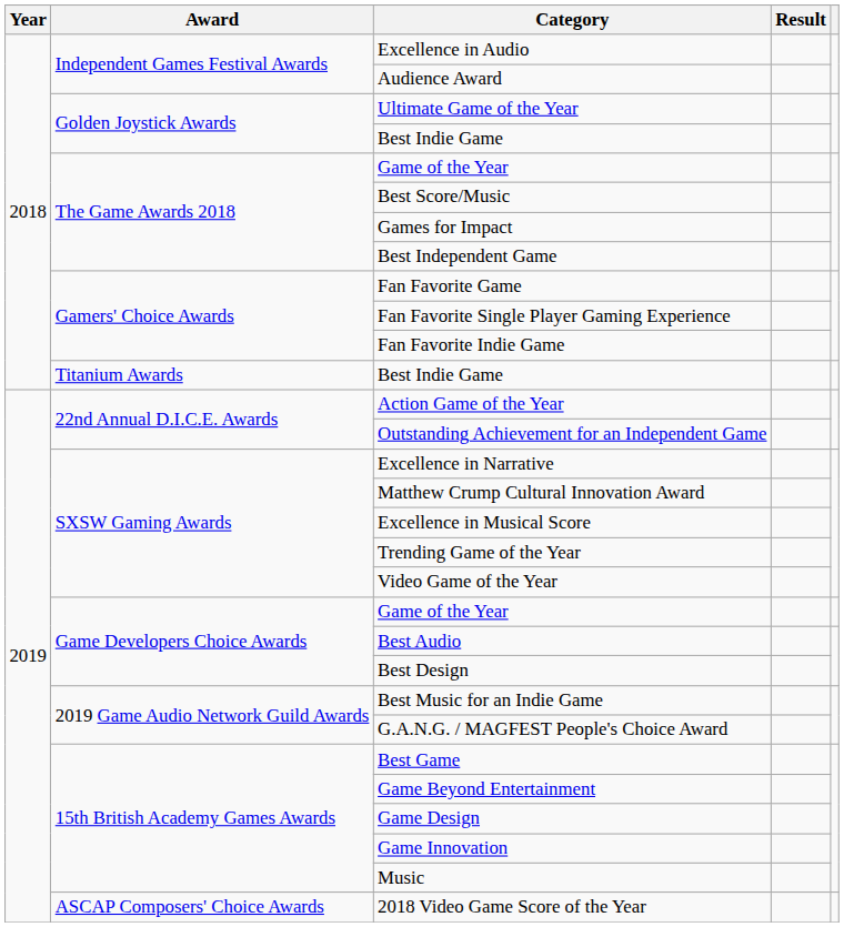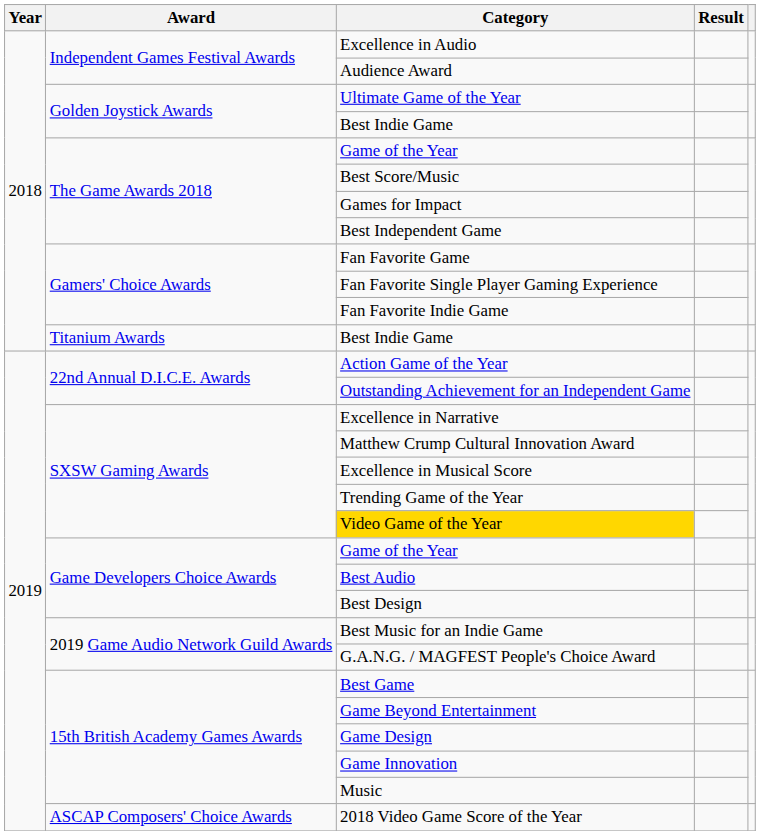 <table class="wikitable sortable mw-collapsible">
 <tr>
 <th scope="col">Year</th>
 <th scope="col">Award</th>
 <th scope="col">Category</th>
 <th scope="col">Result</th>
 <th scope="col" class="unsortable"></th>
 </tr>
 <tr>
 <td rowspan="12" style="text-align:center;">2018</td>
 <td rowspan="2"><a href='#'>Independent Games Festival Awards</a></td>
 <td>Excellence in Audio</td>
 <td></td>
 <td rowspan="2" style="text-align:center;"></td>
 </tr>
 <tr>
 <td>Audience Award</td>
 <td></td>
 </tr>
 <tr>
 <td rowspan="2"><a href='#'>Golden Joystick Awards</a></td>
 <td><a href='#'>Ultimate Game of the Year</a></td>
 <td></td>
 <td rowspan="2" style="text-align:center;"></td>
 </tr>
 <tr>
 <td>Best Indie Game</td>
 <td></td>
 </tr>
 <tr>
 <td rowspan="4"><a href='#'>The Game Awards 2018</a></td>
 <td><a href='#'>Game of the Year</a></td>
 <td></td>
 <td rowspan="4" style="text-align:center;"></td>
 </tr>
 <tr>
 <td>Best Score/Music</td>
 <td></td>
 </tr>
 <tr>
 <td>Games for Impact</td>
 <td></td>
 </tr>
 <tr>
 <td>Best Independent Game</td>
 <td></td>
 </tr>
 <tr>
 <td rowspan="3"><a href='#'>Gamers' Choice Awards</a></td>
 <td>Fan Favorite Game</td>
 <td></td>
 <td rowspan="3" style="text-align:center;"></td>
 </tr>
 <tr>
 <td>Fan Favorite Single Player Gaming Experience</td>
 <td></td>
 </tr>
 <tr>
 <td>Fan Favorite Indie Game</td>
 <td></td>
 </tr>
 <tr>
 <td><a href='#'>Titanium Awards</a></td>
 <td>Best Indie Game</td>
 <td></td>
 <td style="text-align:center;"></td>
 </tr>
 <tr>
 <td rowspan="18">2019</td>
 <td rowspan="2"><a href='#'>22nd Annual D.I.C.E. Awards</a></td>
 <td><a href='#'>Action Game of the Year</a></td>
 <td></td>
 <td rowspan="2" style="text-align:center;"></td>
 </tr>
 <tr>
 <td><a href='#'>Outstanding Achievement for an Independent Game</a></td>
 <td></td>
 </tr>
 <tr>
 <td rowspan="5"><a href='#'>SXSW Gaming Awards</a></td>
 <td>Excellence in Narrative</td>
 <td></td>
 <td rowspan="5" style="text-align:center;"></td>
 </tr>
 <tr>
 <td>Matthew Crump Cultural Innovation Award</td>
 <td></td>
 </tr>
 <tr>
 <td>Excellence in Musical Score</td>
 <td></td>
 </tr>
 <tr>
 <td>Trending Game of the Year</td>
 <td></td>
 </tr>
 <tr>
-<td>Video Game of the Year</td>
+<td style="background: gold;">Video Game of the Year</td>
 <td></td>
 </tr>
 <tr>
 <td rowspan="3"><a href='#'>Game Developers Choice Awards</a></td>
 <td><a href='#'>Game of the Year</a></td>
 <td></td>
 <td style="text-align:center;"></td>
 </tr>
 <tr>
 <td><a href='#'>Best Audio</a></td>
 <td></td>
 <td rowspan="2" style="text-align:center;"></td>
 </tr>
 <tr>
 <td>Best Design</td>
 <td></td>
 </tr>
 <tr>
 <td rowspan="2">2019 <a href='#'>Game Audio Network Guild Awards</a></td>
 <td>Best Music for an Indie Game</td>
 <td></td>
 <td rowspan="2" style="text-align:center;"></td>
 </tr>
 <tr>
 <td>G.A.N.G. / MAGFEST People's Choice Award</td>
 <td></td>
 </tr>
 <tr>
 <td rowspan="5"><a href='#'>15th British Academy Games Awards</a></td>
 <td><a href='#'>Best Game</a></td>
 <td></td>
 <td rowspan="5" style="text-align:center;"></td>
 </tr>
 <tr>
 <td><a href='#'>Game Beyond Entertainment</a></td>
 <td></td>
 </tr>
 <tr>
 <td><a href='#'>Game Design</a></td>
 <td></td>
 </tr>
 <tr>
 <td><a href='#'>Game Innovation</a></td>
 <td></td>
 </tr>
 <tr>
 <td>Music</td>
 <td></td>
 </tr>
 <tr>
 <td><a href='#'>ASCAP Composers' Choice Awards</a></td>
 <td>2018 Video Game Score of the Year</td>
 <td></td>
 <td style="text-align:center;"></td>
 </tr>
 </table>
